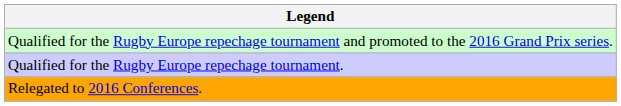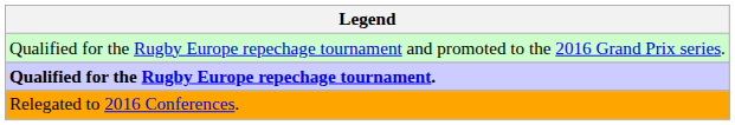 <table class="wikitable">
 <tr>
 <th>Legend</th>
 </tr>
 <tr bgcolor=ccffcc>
 <td>Qualified for the <a href='#'>Rugby Europe repechage tournament</a> and promoted to the <a href='#'>2016 Grand Prix series</a>.</td>
 </tr>
 <tr bgcolor=ccccff>
-<td>Qualified for the <a href='#'>Rugby Europe repechage tournament</a>.</td>
+<td><strong>Qualified for the <a href='#'>Rugby Europe repechage tournament</a>.</strong></td>
 </tr>
 <tr bgcolor=FFA500>
 <td>Relegated to <a href='#'>2016 Conferences</a>.</td>
 </tr>
 </table>
